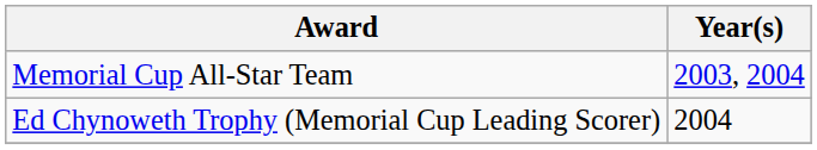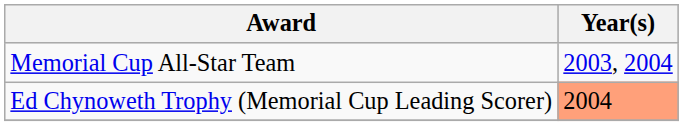 <table class="wikitable">
 <tr>
 <th>Award</th>
 <th>Year(s)</th>
 </tr>
 <tr>
 <td><a href='#'>Memorial Cup</a> All-Star Team</td>
 <td><a href='#'>2003</a>, <a href='#'>2004</a></td>
 </tr>
 <tr>
 <td><a href='#'>Ed Chynoweth Trophy</a> (Memorial Cup Leading Scorer)</td>
-<td>2004</td>
+<td style="background: lightsalmon;">2004</td>
 </tr>
 <tr>
 </tr>
 </table>
